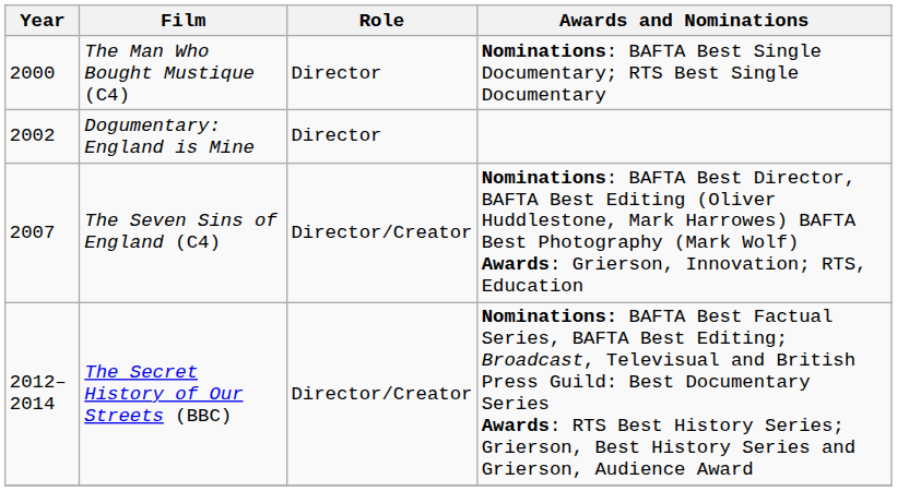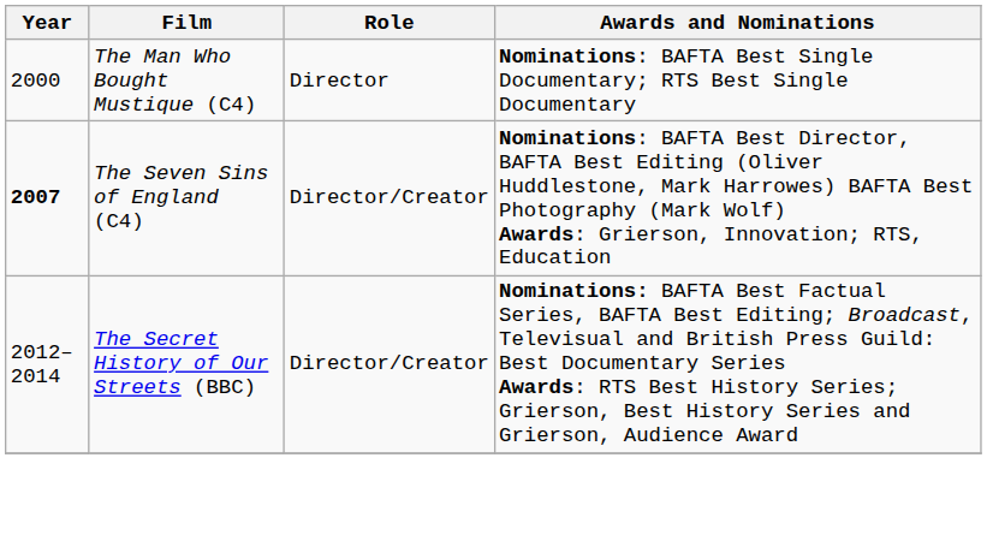 <table class="wikitable">
 <tr>
 <th>Year</th>
 <th>Film</th>
 <th>Role</th>
 <th>Awards and Nominations</th>
 </tr>
 <tr>
 <td>2000</td>
 <td><em>The Man Who Bought Mustique</em> (C4)</td>
 <td>Director</td>
 <td><strong>Nominations</strong>: BAFTA Best Single Documentary; RTS Best Single Documentary</td>
 </tr>
 <tr>
-<td>2002</td>
-<td><em>Dogumentary: England is Mine</em></td>
-<td>Director</td>
-<td></td>
-</tr>
-<tr>
-<td>2007</td>
+<td><strong>2007</strong></td>
 <td><em>The Seven Sins of England</em> (C4)</td>
 <td>Director/Creator</td>
 <td><strong>Nominations</strong>: BAFTA Best Director,<br>BAFTA Best Editing (Oliver Huddlestone, Mark Harrowes) BAFTA Best Photography (Mark Wolf)<br><strong>Awards</strong>: Grierson, Innovation; RTS, Education</td>
 </tr>
 <tr>
 <td>2012–2014</td>
 <td><em><a href='#'>The Secret History of Our Streets</a></em> (BBC)</td>
 <td>Director/Creator</td>
 <td><strong>Nominations:</strong> BAFTA Best Factual Series, BAFTA Best Editing; <em>Broadcast</em>, Televisual and British Press Guild: Best Documentary Series<br><strong>Awards</strong>: RTS Best History Series; Grierson, Best History Series and Grierson, Audience Award</td>
 </tr>
 <tr>
 </tr>
 </table>
